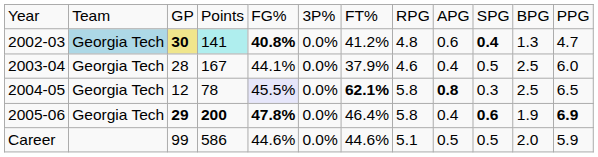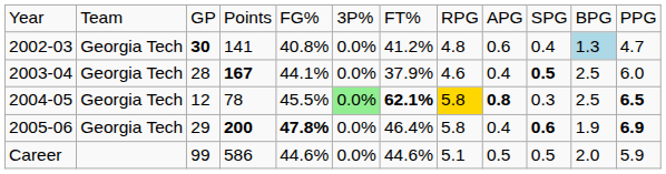 <table class="wikitable">
 <tr>
 <td>Year</td>
 <td>Team</td>
 <td>GP</td>
 <td>Points</td>
 <td>FG%</td>
 <td>3P%</td>
 <td>FT%</td>
 <td>RPG</td>
 <td>APG</td>
 <td>SPG</td>
 <td>BPG</td>
 <td>PPG</td>
 </tr>
 <tr>
 <td>2002-03</td>
-<td style="background: lightblue;">Georgia Tech</td>
-<td style="background: khaki;"><strong>30</strong></td>
-<td style="background: paleturquoise;">141</td>
-<td><strong>40.8%</strong></td>
+<td>Georgia Tech</td>
+<td><strong>30</strong></td>
+<td>141</td>
+<td>40.8%</td>
 <td>0.0%</td>
 <td>41.2%</td>
 <td>4.8</td>
 <td>0.6</td>
-<td><strong>0.4</strong></td>
-<td>1.3</td>
+<td>0.4</td>
+<td style="background: lightblue;">1.3</td>
 <td>4.7</td>
 </tr>
 <tr>
 <td>2003-04</td>
 <td>Georgia Tech</td>
 <td>28</td>
-<td>167</td>
+<td><strong>167</strong></td>
 <td>44.1%</td>
 <td>0.0%</td>
 <td>37.9%</td>
 <td>4.6</td>
 <td>0.4</td>
-<td>0.5</td>
+<td><strong>0.5</strong></td>
 <td>2.5</td>
 <td>6.0</td>
 </tr>
 <tr>
 <td>2004-05</td>
 <td>Georgia Tech</td>
 <td>12</td>
 <td>78</td>
-<td style="background: lavender;">45.5%</td>
-<td>0.0%</td>
+<td>45.5%</td>
+<td style="background: lightgreen;">0.0%</td>
 <td><strong>62.1%</strong></td>
-<td>5.8</td>
+<td style="background: gold;">5.8</td>
 <td><strong>0.8</strong></td>
 <td>0.3</td>
 <td>2.5</td>
-<td>6.5</td>
+<td><strong>6.5</strong></td>
 </tr>
 <tr>
 <td>2005-06</td>
 <td>Georgia Tech</td>
-<td><strong>29</strong></td>
+<td>29</td>
 <td><strong>200</strong></td>
 <td><strong>47.8%</strong></td>
 <td>0.0%</td>
 <td>46.4%</td>
 <td>5.8</td>
 <td>0.4</td>
 <td><strong>0.6</strong></td>
 <td>1.9</td>
 <td><strong>6.9</strong></td>
 </tr>
 <tr>
 <td>Career</td>
 <td></td>
 <td>99</td>
 <td>586</td>
 <td>44.6%</td>
 <td>0.0%</td>
 <td>44.6%</td>
 <td>5.1</td>
 <td>0.5</td>
 <td>0.5</td>
 <td>2.0</td>
 <td>5.9</td>
 </tr>
 </table>
